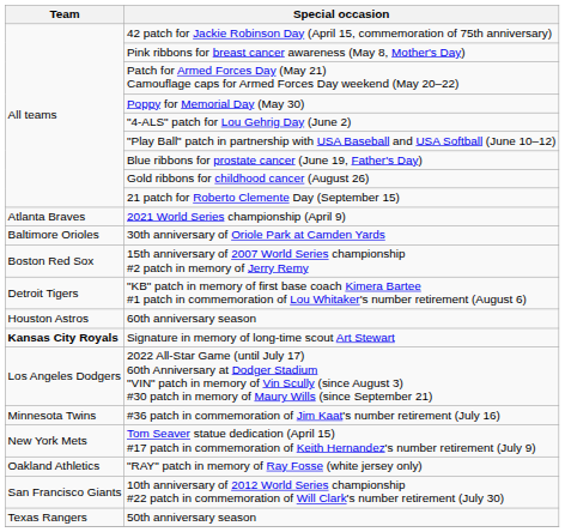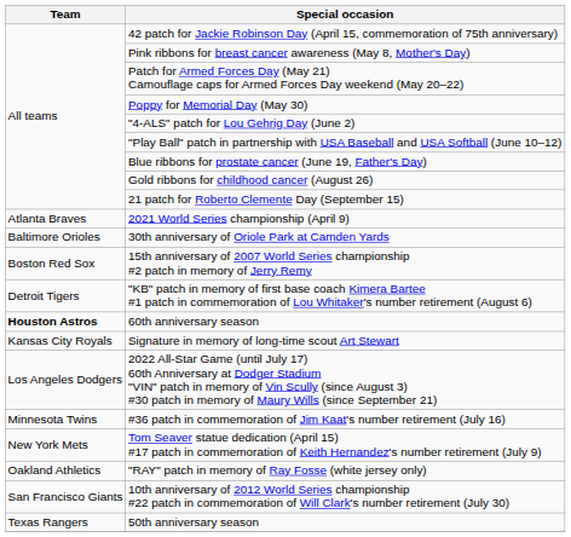 <table class="wikitable">
 <tr>
 <th>Team</th>
 <th>Special occasion</th>
 </tr>
 <tr>
 <td rowspan="9">All teams</td>
 <td>42 patch for <a href='#'>Jackie Robinson Day</a> (April 15, commemoration of 75th anniversary)</td>
 </tr>
 <tr>
 <td>Pink ribbons for <a href='#'>breast cancer</a> awareness (May 8, <a href='#'>Mother's Day</a>)</td>
 </tr>
 <tr>
 <td>Patch for <a href='#'>Armed Forces Day</a> (May 21)<br>Camouflage caps for Armed Forces Day weekend (May 20–22)</td>
 </tr>
 <tr>
 <td><a href='#'>Poppy</a> for <a href='#'>Memorial Day</a> (May 30)</td>
 </tr>
 <tr>
 <td>"4-ALS" patch for <a href='#'>Lou Gehrig Day</a> (June 2) </td>
 </tr>
 <tr>
 <td>"Play Ball" patch in partnership with <a href='#'>USA Baseball</a> and <a href='#'>USA Softball</a> (June 10–12)</td>
 </tr>
 <tr>
 <td>Blue ribbons for <a href='#'>prostate cancer</a> (June 19, <a href='#'>Father's Day</a>)</td>
 </tr>
 <tr>
 <td>Gold ribbons for <a href='#'>childhood cancer</a> (August 26)</td>
 </tr>
 <tr>
 <td>21 patch for <a href='#'>Roberto Clemente</a> Day (September 15)</td>
 </tr>
 <tr>
 <td>Atlanta Braves</td>
 <td><a href='#'>2021 World Series</a> championship (April 9) </td>
 </tr>
 <tr>
 <td>Baltimore Orioles</td>
 <td>30th anniversary of <a href='#'>Oriole Park at Camden Yards</a></td>
 </tr>
 <tr>
 <td>Boston Red Sox</td>
 <td>15th anniversary of <a href='#'>2007 World Series</a> championship<br>#2 patch in memory of <a href='#'>Jerry Remy</a></td>
 </tr>
 <tr>
 <td>Detroit Tigers</td>
 <td>"KB" patch in memory of first base coach <a href='#'>Kimera Bartee</a><br>#1 patch in commemoration of <a href='#'>Lou Whitaker</a>'s number retirement (August 6)</td>
 </tr>
 <tr>
-<td>Houston Astros</td>
+<td><strong>Houston Astros</strong></td>
 <td>60th anniversary season</td>
 </tr>
 <tr>
-<td><strong>Kansas City Royals</strong></td>
+<td>Kansas City Royals</td>
 <td>Signature in memory of long-time scout <a href='#'>Art Stewart</a></td>
 </tr>
 <tr>
 <td>Los Angeles Dodgers</td>
 <td>2022 All-Star Game (until July 17)<br>60th Anniversary at <a href='#'>Dodger Stadium</a> <br>"VIN" patch in memory of <a href='#'>Vin Scully</a> (since August 3)<br>#30 patch in memory of <a href='#'>Maury Wills</a> (since September 21)</td>
 </tr>
 <tr>
 <td>Minnesota Twins</td>
 <td>#36 patch in commemoration of <a href='#'>Jim Kaat</a>'s number retirement (July 16)</td>
 </tr>
 <tr>
 <td>New York Mets</td>
 <td><a href='#'>Tom Seaver</a> statue dedication (April 15)<br>#17 patch in commemoration of <a href='#'>Keith Hernandez</a>'s number retirement (July 9)</td>
 </tr>
 <tr>
 <td>Oakland Athletics</td>
 <td>"RAY" patch in memory of <a href='#'>Ray Fosse</a> (white jersey only)</td>
 </tr>
 <tr>
 <td>San Francisco Giants</td>
 <td>10th anniversary of <a href='#'>2012 World Series</a> championship<br>#22 patch in commemoration of <a href='#'>Will Clark</a>'s number retirement (July 30)</td>
 </tr>
 <tr>
 <td>Texas Rangers</td>
 <td>50th anniversary season</td>
 </tr>
 <tr>
 </tr>
 </table>
